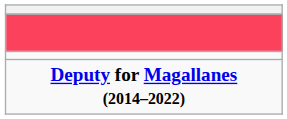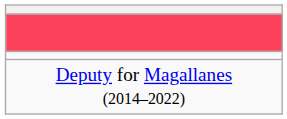 <table class="wikitable" style="float:right; font-size:90%; text-align:center; margin:10px;">
 <tr>
 <td style="background:#f1f1f1;"> <strong></strong></td>
 </tr>
 <tr>
 <th style=" font-size:120%; background:#FC415C; width:200px;"><br><small></small></th>
 </tr>
 <tr>
 <td></td>
 </tr>
 <tr>
-<td><strong><a href='#'>Deputy</a> for <a href='#'>Magallanes</a><br><small>(2014–2022)</small></strong></td>
+<td><a href='#'>Deputy</a> for <a href='#'>Magallanes</a><br><small>(2014–2022)</small></td>
 </tr>
 </table>
